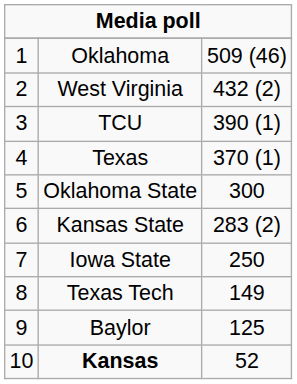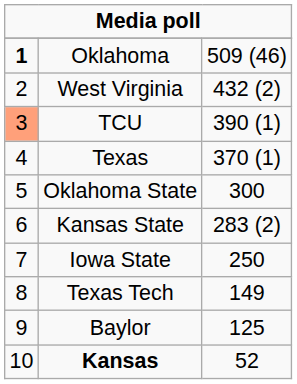 <table class="wikitable">
 <tr align="center">
 <td align="center" Colspan="3"><strong>Media poll</strong></td>
 </tr>
 <tr align="center">
 </tr>
 <tr align="center">
-<td>1</td>
+<td><strong>1</strong></td>
 <td>Oklahoma</td>
 <td>509 (46)</td>
 </tr>
 <tr align="center">
 <td>2</td>
 <td>West Virginia</td>
 <td>432 (2)</td>
 </tr>
 <tr align="center">
-<td>3</td>
+<td style="background: lightsalmon;">3</td>
 <td>TCU</td>
 <td>390 (1)</td>
 </tr>
 <tr align="center">
 <td>4</td>
 <td>Texas</td>
 <td>370 (1)</td>
 </tr>
 <tr align="center">
 <td>5</td>
 <td>Oklahoma State</td>
 <td>300</td>
 </tr>
 <tr align="center">
 <td>6</td>
 <td>Kansas State</td>
 <td>283 (2)</td>
 </tr>
 <tr align="center">
 <td>7</td>
 <td>Iowa State</td>
 <td>250</td>
 </tr>
 <tr align="center">
 <td>8</td>
 <td>Texas Tech</td>
 <td>149</td>
 </tr>
 <tr align="center">
 <td>9</td>
 <td>Baylor</td>
 <td>125</td>
 </tr>
 <tr align="center">
 <td>10</td>
 <td><strong>Kansas</strong></td>
 <td>52</td>
 </tr>
 </table>
